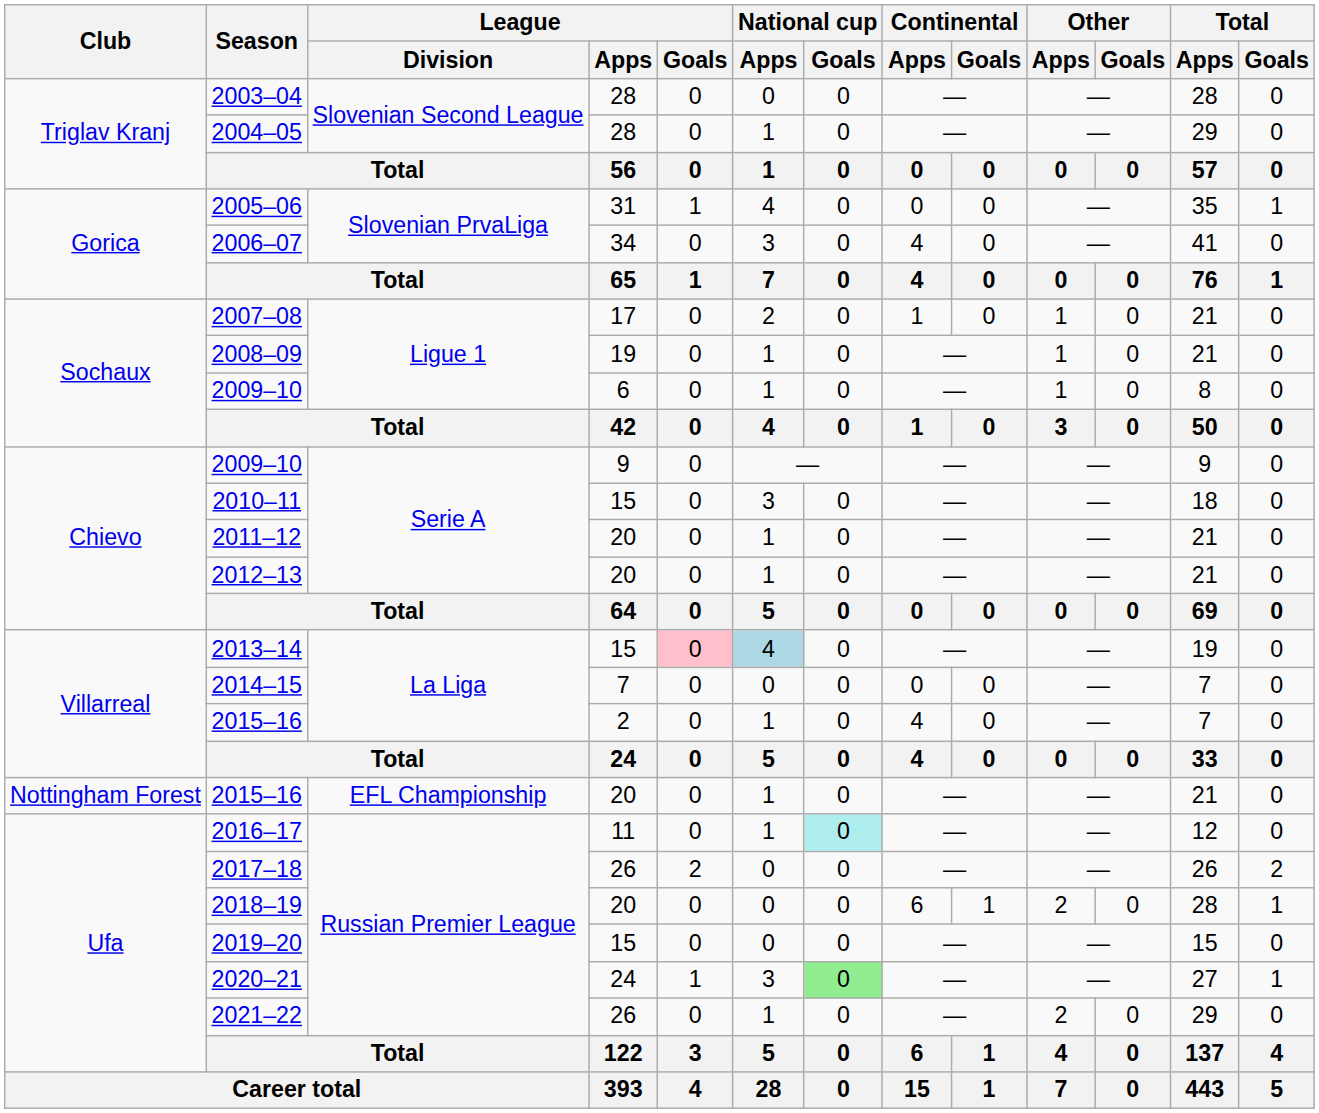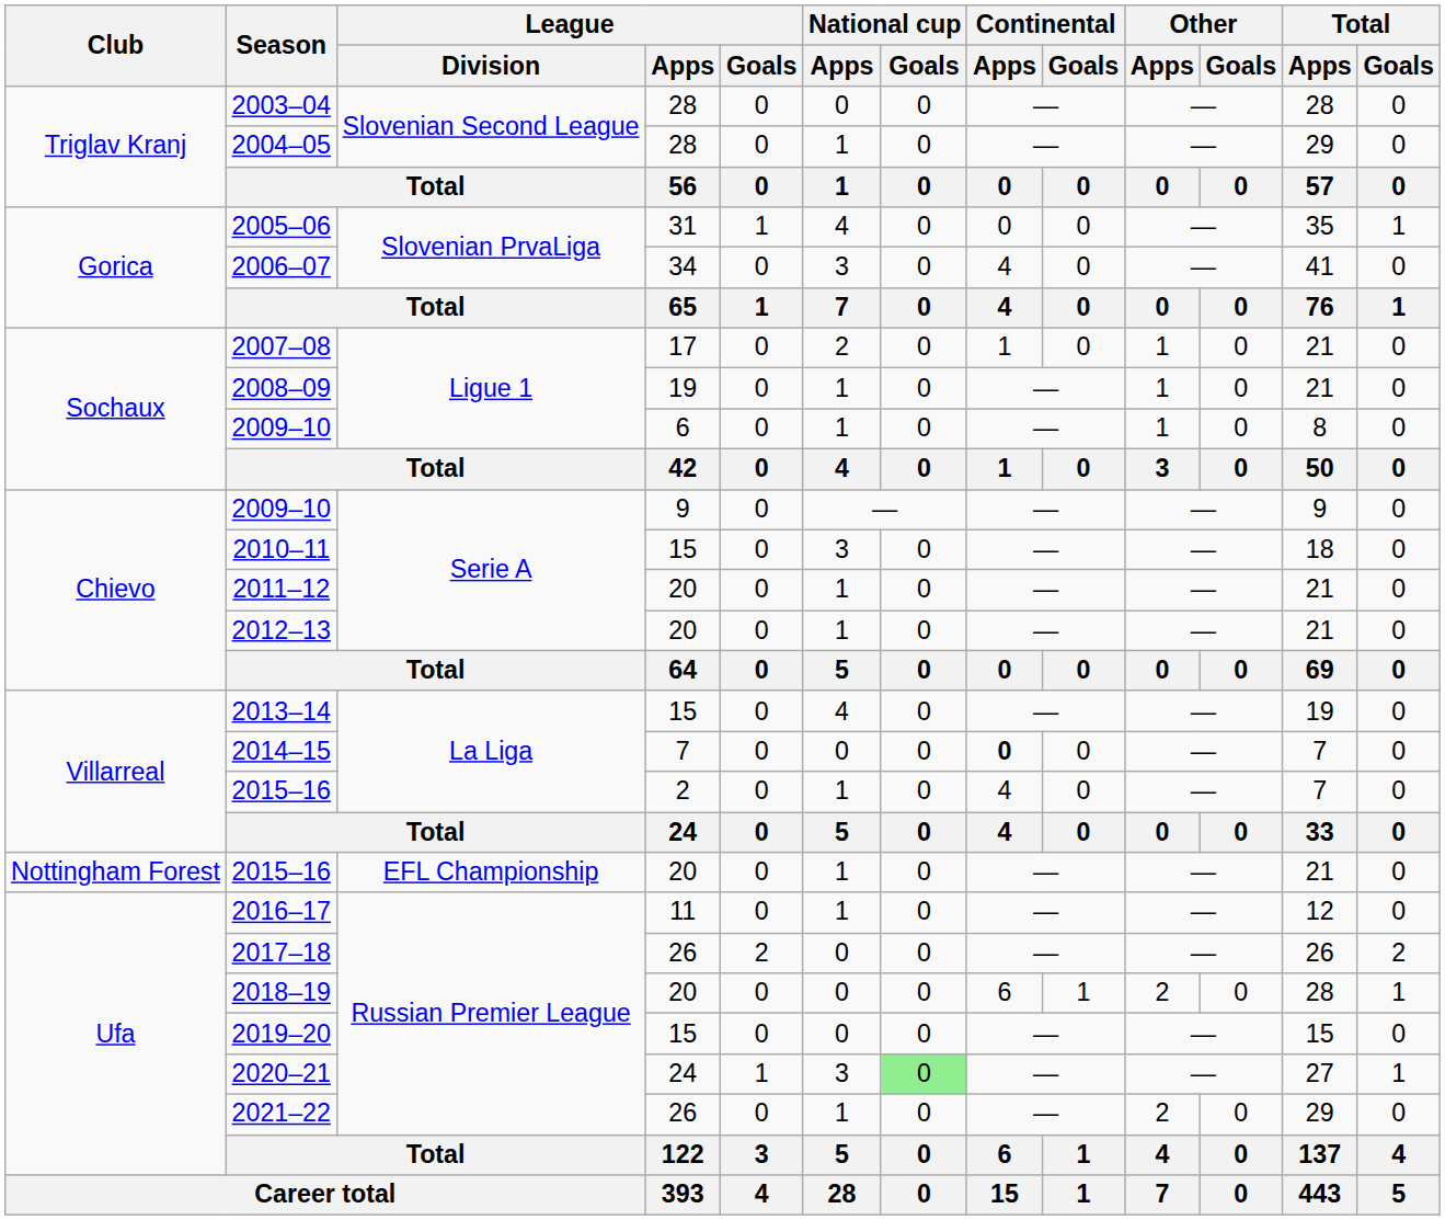 <table class="wikitable" style="text-align: center">
 <tr>
 <th rowspan="2">Club</th>
 <th rowspan="2">Season</th>
 <th colspan="3">League</th>
 <th colspan="2">National cup</th>
 <th colspan="2">Continental</th>
 <th colspan="2">Other</th>
 <th colspan="2">Total</th>
 </tr>
 <tr>
 <th>Division</th>
 <th>Apps</th>
 <th>Goals</th>
 <th>Apps</th>
 <th>Goals</th>
 <th>Apps</th>
 <th>Goals</th>
 <th>Apps</th>
 <th>Goals</th>
 <th>Apps</th>
 <th>Goals</th>
 </tr>
 <tr>
 <td rowspan="3"><a href='#'>Triglav Kranj</a></td>
 <td><a href='#'>2003–04</a></td>
 <td rowspan="2"><a href='#'>Slovenian Second League</a></td>
 <td>28</td>
 <td>0</td>
 <td>0</td>
 <td>0</td>
 <td colspan="2">—</td>
 <td colspan="2">—</td>
 <td>28</td>
 <td>0</td>
 </tr>
 <tr>
 <td><a href='#'>2004–05</a></td>
 <td>28</td>
 <td>0</td>
 <td>1</td>
 <td>0</td>
 <td colspan="2">—</td>
 <td colspan="2">—</td>
 <td>29</td>
 <td>0</td>
 </tr>
 <tr>
 <th colspan="2">Total</th>
 <th>56</th>
 <th>0</th>
 <th>1</th>
 <th>0</th>
 <th>0</th>
 <th>0</th>
 <th>0</th>
 <th>0</th>
 <th>57</th>
 <th>0</th>
 </tr>
 <tr>
 <td rowspan="3"><a href='#'>Gorica</a></td>
 <td><a href='#'>2005–06</a></td>
 <td rowspan="2"><a href='#'>Slovenian PrvaLiga</a></td>
 <td>31</td>
 <td>1</td>
 <td>4</td>
 <td>0</td>
 <td>0</td>
 <td>0</td>
 <td colspan="2">—</td>
 <td>35</td>
 <td>1</td>
 </tr>
 <tr>
 <td><a href='#'>2006–07</a></td>
 <td>34</td>
 <td>0</td>
 <td>3</td>
 <td>0</td>
 <td>4</td>
 <td>0</td>
 <td colspan="2">—</td>
 <td>41</td>
 <td>0</td>
 </tr>
 <tr>
 <th colspan="2">Total</th>
 <th>65</th>
 <th>1</th>
 <th>7</th>
 <th>0</th>
 <th>4</th>
 <th>0</th>
 <th>0</th>
 <th>0</th>
 <th>76</th>
 <th>1</th>
 </tr>
 <tr>
 <td rowspan="4"><a href='#'>Sochaux</a></td>
 <td><a href='#'>2007–08</a></td>
 <td rowspan="3"><a href='#'>Ligue 1</a></td>
 <td>17</td>
 <td>0</td>
 <td>2</td>
 <td>0</td>
 <td>1</td>
 <td>0</td>
 <td>1</td>
 <td>0</td>
 <td>21</td>
 <td>0</td>
 </tr>
 <tr>
 <td><a href='#'>2008–09</a></td>
 <td>19</td>
 <td>0</td>
 <td>1</td>
 <td>0</td>
 <td colspan="2">—</td>
 <td>1</td>
 <td>0</td>
 <td>21</td>
 <td>0</td>
 </tr>
 <tr>
 <td><a href='#'>2009–10</a></td>
 <td>6</td>
 <td>0</td>
 <td>1</td>
 <td>0</td>
 <td colspan="2">—</td>
 <td>1</td>
 <td>0</td>
 <td>8</td>
 <td>0</td>
 </tr>
 <tr>
 <th colspan="2">Total</th>
 <th>42</th>
 <th>0</th>
 <th>4</th>
 <th>0</th>
 <th>1</th>
 <th>0</th>
 <th>3</th>
 <th>0</th>
 <th>50</th>
 <th>0</th>
 </tr>
 <tr>
 <td rowspan="5"><a href='#'>Chievo</a></td>
 <td><a href='#'>2009–10</a></td>
 <td rowspan="4"><a href='#'>Serie A</a></td>
 <td>9</td>
 <td>0</td>
 <td colspan="2">—</td>
 <td colspan="2">—</td>
 <td colspan="2">—</td>
 <td>9</td>
 <td>0</td>
 </tr>
 <tr>
 <td><a href='#'>2010–11</a></td>
 <td>15</td>
 <td>0</td>
 <td>3</td>
 <td>0</td>
 <td colspan="2">—</td>
 <td colspan="2">—</td>
 <td>18</td>
 <td>0</td>
 </tr>
 <tr>
 <td><a href='#'>2011–12</a></td>
 <td>20</td>
 <td>0</td>
 <td>1</td>
 <td>0</td>
 <td colspan="2">—</td>
 <td colspan="2">—</td>
 <td>21</td>
 <td>0</td>
 </tr>
 <tr>
 <td><a href='#'>2012–13</a></td>
 <td>20</td>
 <td>0</td>
 <td>1</td>
 <td>0</td>
 <td colspan="2">—</td>
 <td colspan="2">—</td>
 <td>21</td>
 <td>0</td>
 </tr>
 <tr>
 <th colspan="2">Total</th>
 <th>64</th>
 <th>0</th>
 <th>5</th>
 <th>0</th>
 <th>0</th>
 <th>0</th>
 <th>0</th>
 <th>0</th>
 <th>69</th>
 <th>0</th>
 </tr>
 <tr>
 <td rowspan="4"><a href='#'>Villarreal</a></td>
 <td><a href='#'>2013–14</a></td>
 <td rowspan="3"><a href='#'>La Liga</a></td>
 <td>15</td>
-<td style="background: pink;">0</td>
-<td style="background: lightblue;">4</td>
+<td>0</td>
+<td>4</td>
 <td>0</td>
 <td colspan="2">—</td>
 <td colspan="2">—</td>
 <td>19</td>
 <td>0</td>
 </tr>
 <tr>
 <td><a href='#'>2014–15</a></td>
 <td>7</td>
 <td>0</td>
 <td>0</td>
 <td>0</td>
-<td>0</td>
+<td><strong>0</strong></td>
 <td>0</td>
 <td colspan="2">—</td>
 <td>7</td>
 <td>0</td>
 </tr>
 <tr>
 <td><a href='#'>2015–16</a></td>
 <td>2</td>
 <td>0</td>
 <td>1</td>
 <td>0</td>
 <td>4</td>
 <td>0</td>
 <td colspan="2">—</td>
 <td>7</td>
 <td>0</td>
 </tr>
 <tr>
 <th colspan="2">Total</th>
 <th>24</th>
 <th>0</th>
 <th>5</th>
 <th>0</th>
 <th>4</th>
 <th>0</th>
 <th>0</th>
 <th>0</th>
 <th>33</th>
 <th>0</th>
 </tr>
 <tr>
 <td><a href='#'>Nottingham Forest</a></td>
 <td><a href='#'>2015–16</a></td>
 <td><a href='#'>EFL Championship</a></td>
 <td>20</td>
 <td>0</td>
 <td>1</td>
 <td>0</td>
 <td colspan="2">—</td>
 <td colspan="2">—</td>
 <td>21</td>
 <td>0</td>
 </tr>
 <tr>
 <td rowspan="7"><a href='#'>Ufa</a></td>
 <td><a href='#'>2016–17</a></td>
 <td rowspan="6"><a href='#'>Russian Premier League</a></td>
 <td>11</td>
 <td>0</td>
 <td>1</td>
-<td style="background: paleturquoise;">0</td>
+<td>0</td>
 <td colspan="2">—</td>
 <td colspan="2">—</td>
 <td>12</td>
 <td>0</td>
 </tr>
 <tr>
 <td><a href='#'>2017–18</a></td>
 <td>26</td>
 <td>2</td>
 <td>0</td>
 <td>0</td>
 <td colspan="2">—</td>
 <td colspan="2">—</td>
 <td>26</td>
 <td>2</td>
 </tr>
 <tr>
 <td><a href='#'>2018–19</a></td>
 <td>20</td>
 <td>0</td>
 <td>0</td>
 <td>0</td>
 <td>6</td>
 <td>1</td>
 <td>2</td>
 <td>0</td>
 <td>28</td>
 <td>1</td>
 </tr>
 <tr>
 <td><a href='#'>2019–20</a></td>
 <td>15</td>
 <td>0</td>
 <td>0</td>
 <td>0</td>
 <td colspan="2">—</td>
 <td colspan="2">—</td>
 <td>15</td>
 <td>0</td>
 </tr>
 <tr>
 <td><a href='#'>2020–21</a></td>
 <td>24</td>
 <td>1</td>
 <td>3</td>
 <td style="background: lightgreen;">0</td>
 <td colspan="2">—</td>
 <td colspan="2">—</td>
 <td>27</td>
 <td>1</td>
 </tr>
 <tr>
 <td><a href='#'>2021–22</a></td>
 <td>26</td>
 <td>0</td>
 <td>1</td>
 <td>0</td>
 <td colspan="2">—</td>
 <td>2</td>
 <td>0</td>
 <td>29</td>
 <td>0</td>
 </tr>
 <tr>
 <th colspan="2">Total</th>
 <th>122</th>
 <th>3</th>
 <th>5</th>
 <th>0</th>
 <th>6</th>
 <th>1</th>
 <th>4</th>
 <th>0</th>
 <th>137</th>
 <th>4</th>
 </tr>
 <tr>
 <th colspan="3">Career total</th>
 <th>393</th>
 <th>4</th>
 <th>28</th>
 <th>0</th>
 <th>15</th>
 <th>1</th>
 <th>7</th>
 <th>0</th>
 <th>443</th>
 <th>5</th>
 </tr>
 </table>
